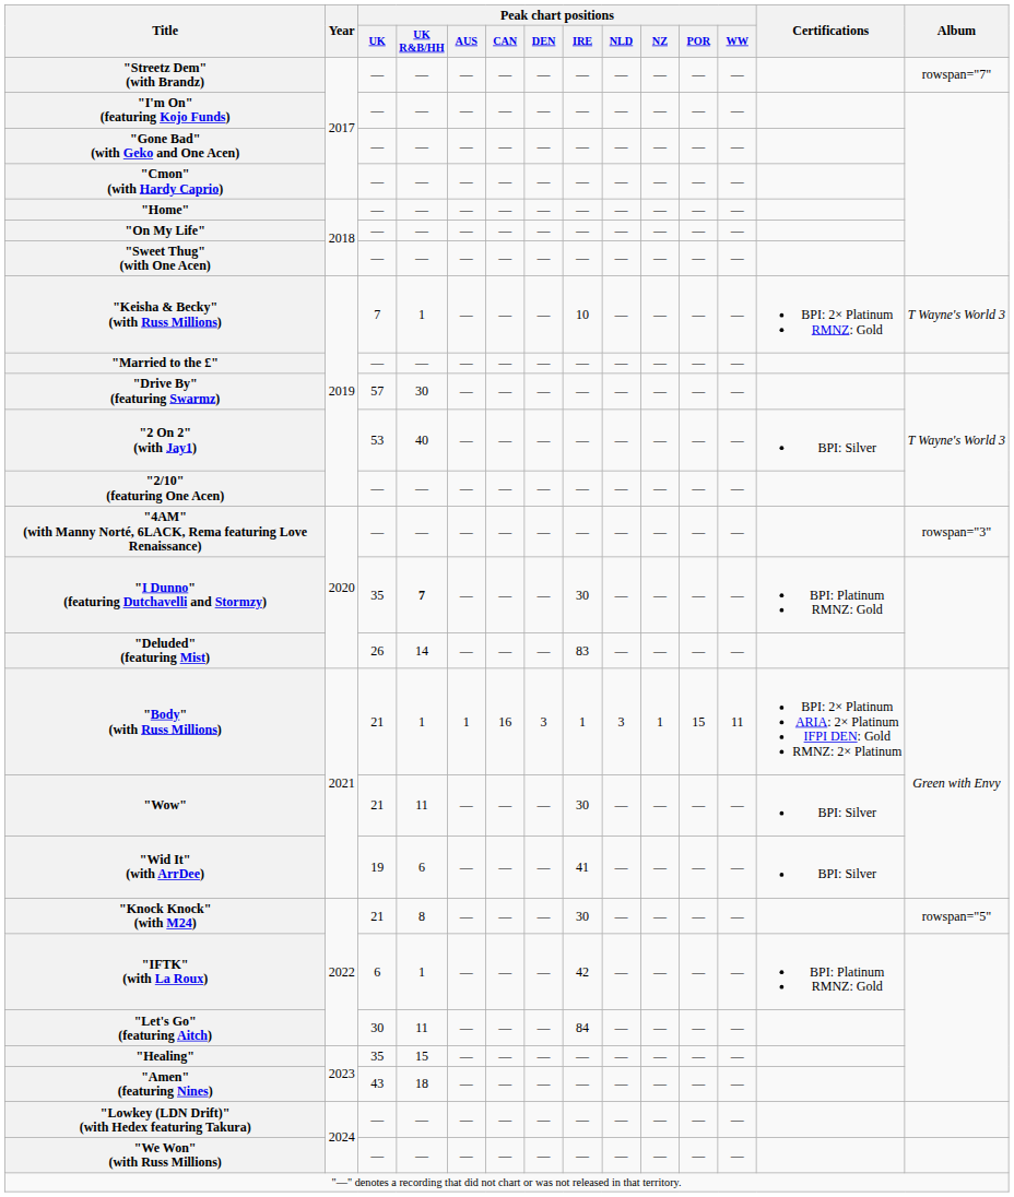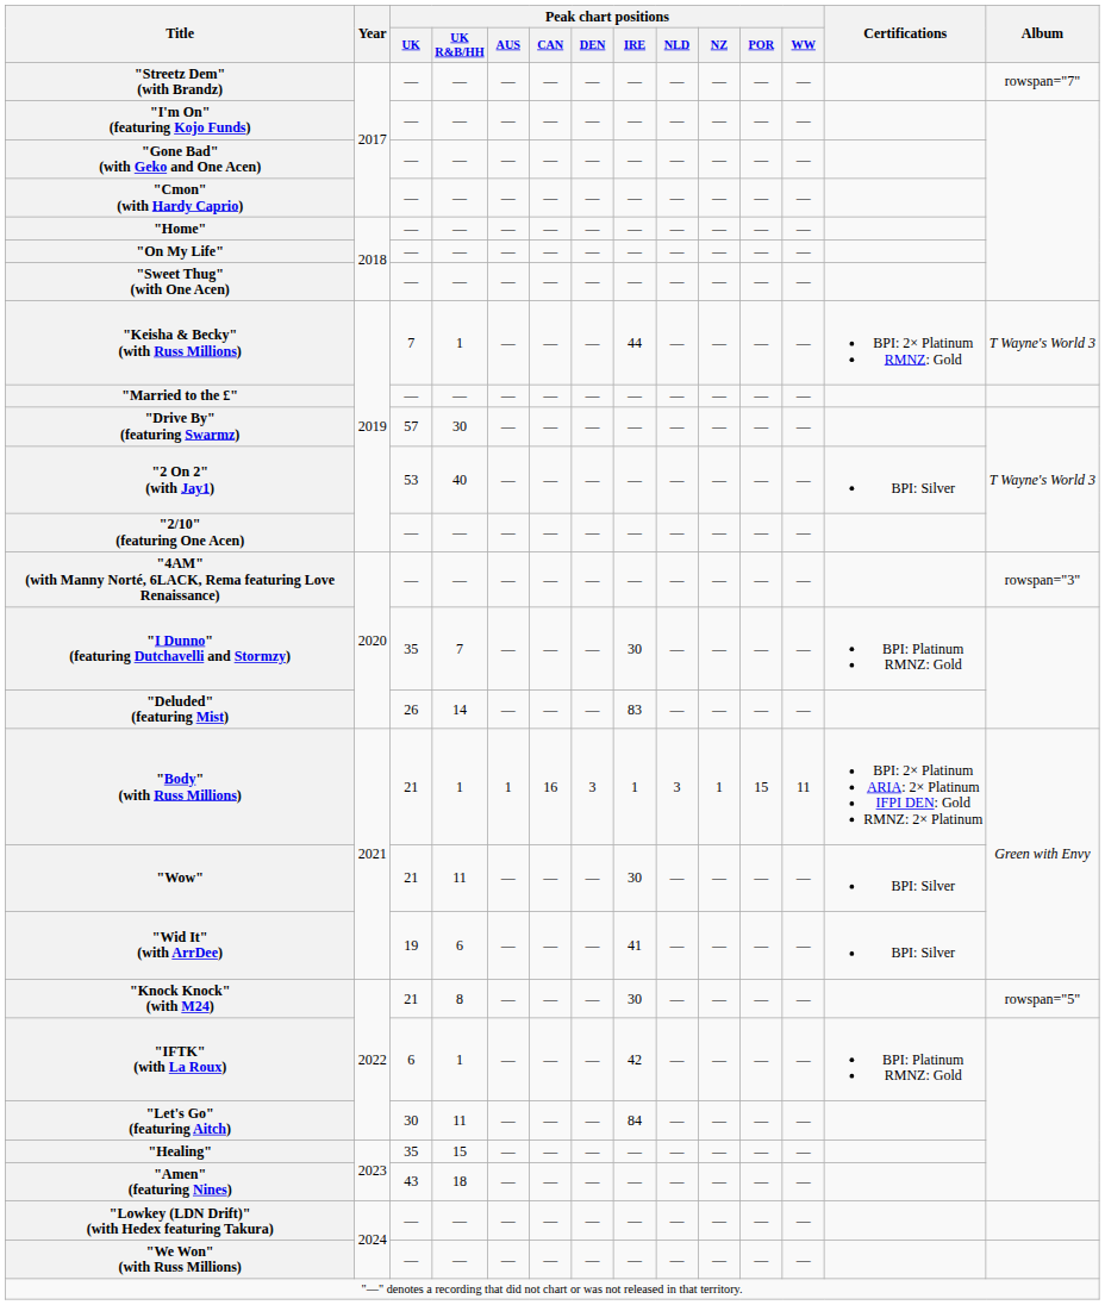 <table class="wikitable plainrowheaders" style="text-align:center;">
 <tr>
 <th scope="col" rowspan="2" style="width:24em;">Title</th>
 <th scope="col" rowspan="2" style="width:1em;">Year</th>
 <th scope="col" colspan="10">Peak chart positions</th>
 <th scope="col" rowspan="2">Certifications</th>
 <th scope="col" rowspan="2">Album</th>
 </tr>
 <tr>
 <th scope="col" style="width:3em;font-size:85%;"><a href='#'>UK</a><br></th>
 <th scope="col" style="width:3em;font-size:85%;"><a href='#'>UK<br>R&B/HH</a><br></th>
 <th scope="col" style="width:3em;font-size:85%;"><a href='#'>AUS</a><br></th>
 <th scope="col" style="width:3em;font-size:85%;"><a href='#'>CAN</a><br></th>
 <th scope="col" style="width:3em;font-size:85%;"><a href='#'>DEN</a><br></th>
 <th scope="col" style="width:3em;font-size:85%;"><a href='#'>IRE</a><br></th>
 <th scope="col" style="width:3em;font-size:85%;"><a href='#'>NLD</a><br></th>
 <th scope="col" style="width:3em;font-size:85%;"><a href='#'>NZ</a><br></th>
 <th scope="col" style="width:3em;font-size:85%;"><a href='#'>POR</a><br></th>
 <th scope="col" style="width:3em;font-size:85%;"><a href='#'>WW</a><br></th>
 </tr>
 <tr>
 <th scope="row">"Streetz Dem"<br><span>(with Brandz)</span></th>
 <td rowspan="4">2017</td>
 <td>—</td>
 <td>—</td>
 <td>—</td>
 <td>—</td>
 <td>—</td>
 <td>—</td>
 <td>—</td>
 <td>—</td>
 <td>—</td>
 <td>—</td>
 <td></td>
 <td>rowspan="7" </td>
 </tr>
 <tr>
 <th scope="row">"I'm On"<br><span>(featuring <a href='#'>Kojo Funds</a>)</span></th>
 <td>—</td>
 <td>—</td>
 <td>—</td>
 <td>—</td>
 <td>—</td>
 <td>—</td>
 <td>—</td>
 <td>—</td>
 <td>—</td>
 <td>—</td>
 <td></td>
 </tr>
 <tr>
 <th scope="row">"Gone Bad"<br><span>(with <a href='#'>Geko</a> and One Acen)</span></th>
 <td>—</td>
 <td>—</td>
 <td>—</td>
 <td>—</td>
 <td>—</td>
 <td>—</td>
 <td>—</td>
 <td>—</td>
 <td>—</td>
 <td>—</td>
 <td></td>
 </tr>
 <tr>
 <th scope="row">"Cmon"<br><span>(with <a href='#'>Hardy Caprio</a>)</span></th>
 <td>—</td>
 <td>—</td>
 <td>—</td>
 <td>—</td>
 <td>—</td>
 <td>—</td>
 <td>—</td>
 <td>—</td>
 <td>—</td>
 <td>—</td>
 <td></td>
 </tr>
 <tr>
 <th scope="row">"Home"</th>
 <td rowspan="3">2018</td>
 <td>—</td>
 <td>—</td>
 <td>—</td>
 <td>—</td>
 <td>—</td>
 <td>—</td>
 <td>—</td>
 <td>—</td>
 <td>—</td>
 <td>—</td>
 <td></td>
 </tr>
 <tr>
 <th scope="row">"On My Life"</th>
 <td>—</td>
 <td>—</td>
 <td>—</td>
 <td>—</td>
 <td>—</td>
 <td>—</td>
 <td>—</td>
 <td>—</td>
 <td>—</td>
 <td>—</td>
 <td></td>
 </tr>
 <tr>
 <th scope="row">"Sweet Thug"<br><span>(with One Acen)</span></th>
 <td>—</td>
 <td>—</td>
 <td>—</td>
 <td>—</td>
 <td>—</td>
 <td>—</td>
 <td>—</td>
 <td>—</td>
 <td>—</td>
 <td>—</td>
 <td></td>
 </tr>
 <tr>
 <th scope="row">"Keisha & Becky"<br><span>(with <a href='#'>Russ Millions</a>)</span></th>
 <td rowspan="5">2019</td>
 <td>7</td>
 <td>1</td>
 <td>—</td>
 <td>—</td>
 <td>—</td>
-<td>10</td>
+<td>44</td>
 <td>—</td>
 <td>—</td>
 <td>—</td>
 <td>—</td>
 <td><br><ul><li>BPI: 2× Platinum</li><li><a href='#'>RMNZ</a>: Gold</li></ul></td>
 <td><em>T Wayne's World 3</em></td>
 </tr>
 <tr>
 <th scope="row">"Married to the £"</th>
 <td>—</td>
 <td>—</td>
 <td>—</td>
 <td>—</td>
 <td>—</td>
 <td>—</td>
 <td>—</td>
 <td>—</td>
 <td>—</td>
 <td>—</td>
 <td></td>
 <td></td>
 </tr>
 <tr>
 <th scope="row">"Drive By"<br><span>(featuring <a href='#'>Swarmz</a>)</span></th>
 <td>57</td>
 <td>30</td>
 <td>—</td>
 <td>—</td>
 <td>—</td>
 <td>—</td>
 <td>—</td>
 <td>—</td>
 <td>—</td>
 <td>—</td>
 <td></td>
 <td rowspan="3"><em>T Wayne's World 3</em></td>
 </tr>
 <tr>
 <th scope="row">"2 On 2"<br><span>(with <a href='#'>Jay1</a>)</span></th>
 <td>53</td>
 <td>40</td>
 <td>—</td>
 <td>—</td>
 <td>—</td>
 <td>—</td>
 <td>—</td>
 <td>—</td>
 <td>—</td>
 <td>—</td>
 <td><br><ul><li>BPI: Silver</li></ul></td>
 </tr>
 <tr>
 <th scope="row">"2/10"<br><span>(featuring One Acen)</span></th>
 <td>—</td>
 <td>—</td>
 <td>—</td>
 <td>—</td>
 <td>—</td>
 <td>—</td>
 <td>—</td>
 <td>—</td>
 <td>—</td>
 <td>—</td>
 <td></td>
 </tr>
 <tr>
 <th scope="row">"4AM"<br><span>(with Manny Norté, 6LACK, Rema featuring Love Renaissance)</span></th>
 <td rowspan="3">2020</td>
 <td>—</td>
 <td>—</td>
 <td>—</td>
 <td>—</td>
 <td>—</td>
 <td>—</td>
 <td>—</td>
 <td>—</td>
 <td>—</td>
 <td>—</td>
 <td></td>
 <td>rowspan="3" </td>
 </tr>
 <tr>
 <th scope="row">"<a href='#'>I Dunno</a>"<br><span>(featuring <a href='#'>Dutchavelli</a> and <a href='#'>Stormzy</a>)</span></th>
 <td>35</td>
-<td><strong>7</strong></td>
+<td>7</td>
 <td>—</td>
 <td>—</td>
 <td>—</td>
 <td>30</td>
 <td>—</td>
 <td>—</td>
 <td>—</td>
 <td>—</td>
 <td><br><ul><li>BPI: Platinum</li><li>RMNZ: Gold</li></ul></td>
 </tr>
 <tr>
 <th scope="row">"Deluded"<br><span>(featuring <a href='#'>Mist</a>)</span></th>
 <td>26</td>
 <td>14</td>
 <td>—</td>
 <td>—</td>
 <td>—</td>
 <td>83</td>
 <td>—</td>
 <td>—</td>
 <td>—</td>
 <td>—</td>
 <td></td>
 </tr>
 <tr>
 <th scope="row">"<a href='#'>Body</a>"<br><span>(with <a href='#'>Russ Millions</a>)</span></th>
 <td rowspan="3">2021</td>
 <td>21</td>
 <td>1</td>
 <td>1</td>
 <td>16</td>
 <td>3</td>
 <td>1</td>
 <td>3</td>
 <td>1</td>
 <td>15</td>
 <td>11</td>
 <td><br><ul><li>BPI: 2× Platinum</li><li><a href='#'>ARIA</a>: 2× Platinum</li><li><a href='#'>IFPI DEN</a>: Gold</li><li>RMNZ: 2× Platinum</li></ul></td>
 <td rowspan="3"><em>Green with Envy</em></td>
 </tr>
 <tr>
 <th scope="row">"Wow"</th>
 <td>21</td>
 <td>11</td>
 <td>—</td>
 <td>—</td>
 <td>—</td>
 <td>30</td>
 <td>—</td>
 <td>—</td>
 <td>—</td>
 <td>—</td>
 <td><br><ul><li>BPI: Silver</li></ul></td>
 </tr>
 <tr>
 <th scope="row">"Wid It"<br><span>(with <a href='#'>ArrDee</a>)</span></th>
 <td>19</td>
 <td>6</td>
 <td>—</td>
 <td>—</td>
 <td>—</td>
 <td>41</td>
 <td>—</td>
 <td>—</td>
 <td>—</td>
 <td>—</td>
 <td><br><ul><li>BPI: Silver</li></ul></td>
 </tr>
 <tr>
 <th scope="row">"Knock Knock"<br><span>(with <a href='#'>M24</a>)</span></th>
 <td rowspan="3">2022</td>
 <td>21</td>
 <td>8</td>
 <td>—</td>
 <td>—</td>
 <td>—</td>
 <td>30</td>
 <td>—</td>
 <td>—</td>
 <td>—</td>
 <td>—</td>
 <td></td>
 <td>rowspan="5" </td>
 </tr>
 <tr>
 <th scope="row">"IFTK"<br><span>(with <a href='#'>La Roux</a>)</span></th>
 <td>6</td>
 <td>1</td>
 <td>—</td>
 <td>—</td>
 <td>—</td>
 <td>42</td>
 <td>—</td>
 <td>—</td>
 <td>—</td>
 <td>—</td>
 <td><br><ul><li>BPI: Platinum</li><li>RMNZ: Gold</li></ul></td>
 </tr>
 <tr>
 <th scope="row">"Let's Go"<br><span>(featuring <a href='#'>Aitch</a>)</span></th>
 <td>30</td>
 <td>11</td>
 <td>—</td>
 <td>—</td>
 <td>—</td>
 <td>84</td>
 <td>—</td>
 <td>—</td>
 <td>—</td>
 <td>—</td>
 <td></td>
 </tr>
 <tr>
 <th scope="row">"Healing"</th>
 <td rowspan="2">2023</td>
 <td>35</td>
 <td>15</td>
 <td>—</td>
 <td>—</td>
 <td>—</td>
 <td>—</td>
 <td>—</td>
 <td>—</td>
 <td>—</td>
 <td>—</td>
 <td></td>
 </tr>
 <tr>
 <th scope="row">"Amen"<br><span>(featuring <a href='#'>Nines</a>)</span></th>
 <td>43</td>
 <td>18</td>
 <td>—</td>
 <td>—</td>
 <td>—</td>
 <td>—</td>
 <td>—</td>
 <td>—</td>
 <td>—</td>
 <td>—</td>
 <td></td>
 </tr>
 <tr>
 <th scope="row">"Lowkey (LDN Drift)"<br><span>(with Hedex featuring Takura)</span></th>
 <td rowspan="2">2024</td>
 <td>—</td>
 <td>—</td>
 <td>—</td>
 <td>—</td>
 <td>—</td>
 <td>—</td>
 <td>—</td>
 <td>—</td>
 <td>—</td>
 <td>—</td>
 <td></td>
 <td></td>
 </tr>
 <tr>
 <th scope="row">"We Won"<br><span>(with Russ Millions)</span></th>
 <td>—</td>
 <td>—</td>
 <td>—</td>
 <td>—</td>
 <td>—</td>
 <td>—</td>
 <td>—</td>
 <td>—</td>
 <td>—</td>
 <td>—</td>
 <td></td>
 <td></td>
 </tr>
 <tr>
 <td colspan="14" style="font-size:85%">"—" denotes a recording that did not chart or was not released in that territory.</td>
 </tr>
 </table>
